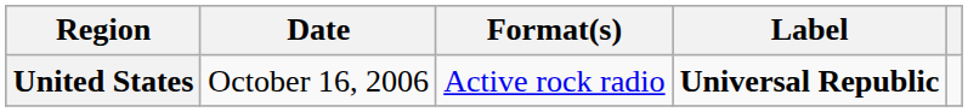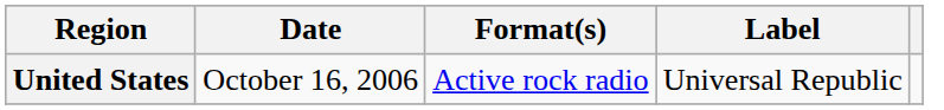 <table class="wikitable plainrowheaders">
 <tr>
 <th scope="col">Region</th>
 <th scope="col">Date</th>
 <th scope="col">Format(s)</th>
 <th scope="col">Label</th>
 <th scope="col"></th>
 </tr>
 <tr>
 <th scope="row" rowspan="2">United States</th>
 <td>October 16, 2006</td>
 <td><a href='#'>Active rock radio</a></td>
-<td><strong>Universal Republic</strong></td>
+<td>Universal Republic</td>
 <td></td>
 </tr>
 </table>
